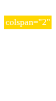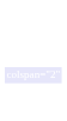 <table style="text-align:center; color:#ffffff; font-size:0.8em;" cellpadding="2;">
 <tr>
 <td></td>
 <td></td>
 <td></td>
 <td></td>
 <td></td>
 <td></td>
 <td></td>
 <td></td>
 <td></td>
 <td></td>
 <td></td>
 <td></td>
 <td></td>
 <td></td>
 <td></td>
 <td></td>
 <td></td>
 <td></td>
 <td></td>
 <td> <a href='#'></a></td>
 <td> <a href='#'></a></td>
 <td> <a href='#'></a></td>
 <td> <a href='#'></a></td>
 <td></td>
 </tr>
 <tr>
 <td> <a href='#'></a></td>
 <td> <a href='#'></a></td>
 <td></td>
 <td> <a href='#'></a></td>
 <td> <a href='#'></a></td>
 <td></td>
 <td> <a href='#'></a></td>
 <td> <a href='#'></a></td>
 <td></td>
 <td> <a href='#'></a></td>
 <td>colspan="2"  <a href='#'></a></td>
 <td></td>
 <td> <a href='#'></a></td>
 <td></td>
 <td> <a href='#'></a></td>
 <td> <a href='#'></a></td>
 <td> <a href='#'></a></td>
 <td> <a href='#'></a></td>
 <td> <a href='#'></a></td>
 <td> <a href='#'></a></td>
 <td></td>
 <td> <a href='#'></a></td>
 <td> <a href='#'></a></td>
 </tr>
 <tr>
 <td> <a href='#'></a></td>
 <td> <a href='#'></a></td>
 <td></td>
 <td> <a href='#'></a></td>
 <td> <a href='#'></a></td>
 <td></td>
 <td> <a href='#'></a></td>
 <td> <a href='#'></a></td>
 <td></td>
 <td> <a href='#'></a></td>
-<td style="background: gold;">colspan="2"  <a href='#'></a></td>
+<td>colspan="2"  <a href='#'></a></td>
 <td></td>
 <td> <a href='#'></a></td>
 <td></td>
 <td> <a href='#'></a></td>
 <td> <a href='#'></a></td>
 <td> <a href='#'></a></td>
 <td> <a href='#'></a></td>
 <td> <a href='#'></a></td>
 <td></td>
 <td> <a href='#'></a></td>
 <td> <a href='#'></a></td>
 <td></td>
 </tr>
 <tr>
 <td> <a href='#'></a></td>
 <td> <a href='#'></a></td>
 <td></td>
 <td> <a href='#'></a></td>
 <td> <a href='#'></a></td>
 <td></td>
 <td> <a href='#'></a></td>
 <td> <a href='#'></a></td>
 <td></td>
 <td> <a href='#'></a></td>
 <td></td>
 <td colspan="2" style="background:"><a href='#'></a></td>
 <td> <a href='#'></a></td>
 <td></td>
 <td> <a href='#'></a></td>
 <td> <a href='#'></a></td>
 <td> <a href='#'></a></td>
 <td> <a href='#'></a></td>
 <td></td>
 <td> <a href='#'></a></td>
 <td> <a href='#'></a></td>
 <td> <a href='#'></a></td>
 <td> <a href='#'></a></td>
 </tr>
 <tr>
 <td></td>
 <td></td>
 <td></td>
 <td></td>
 <td></td>
 <td></td>
 <td></td>
 <td></td>
 <td></td>
 <td></td>
 <td></td>
 <td></td>
 <td></td>
 <td></td>
 <td></td>
 <td></td>
 <td></td>
 <td></td>
 <td></td>
 <td> <a href='#'></a></td>
 <td> <a href='#'></a></td>
 <td> <a href='#'></a></td>
 <td></td>
 <td></td>
 </tr>
 <tr>
 <td style="background:"><a href='#'></a></td>
 <td></td>
 <td></td>
 <td></td>
 <td></td>
 <td></td>
 <td></td>
 <td></td>
 <td></td>
 <td></td>
 <td></td>
 <td></td>
 <td></td>
 <td></td>
 <td></td>
 <td></td>
 <td></td>
 <td></td>
 <td></td>
 <td></td>
 <td></td>
 <td> <a href='#'></a></td>
 <td></td>
 <td></td>
 </tr>
 <tr>
 <td></td>
 <td></td>
 <td></td>
 <td></td>
 <td></td>
 <td></td>
 <td></td>
 <td></td>
 <td></td>
 <td></td>
 <td></td>
 <td></td>
 <td></td>
 <td></td>
 <td></td>
 <td></td>
 <td></td>
 <td></td>
 <td></td>
 <td></td>
 <td></td>
 <td></td>
 <td></td>
 </tr>
 <tr>
 <td></td>
 <td></td>
 <td></td>
 <td></td>
 <td></td>
 <td></td>
 <td></td>
 <td></td>
 <td></td>
 <td></td>
 <td></td>
 <td></td>
 <td></td>
 <td></td>
 <td></td>
 <td></td>
 <td></td>
 <td></td>
 <td></td>
 <td></td>
 <td> <a href='#'></a></td>
 <td></td>
 <td></td>
 </tr>
 <tr>
 <td></td>
 <td></td>
 <td></td>
 <td></td>
 <td></td>
 <td></td>
 <td></td>
 <td></td>
 <td></td>
 <td></td>
 <td></td>
 <td></td>
 <td></td>
 <td></td>
 <td></td>
 <td></td>
 <td></td>
 <td></td>
 <td></td>
 <td> <a href='#'></a></td>
 <td> <a href='#'></a></td>
 <td> <a href='#'></a></td>
 <td></td>
 <td></td>
 </tr>
 <tr>
 <td> <a href='#'></a></td>
 <td> <a href='#'></a></td>
 <td></td>
 <td> <a href='#'></a></td>
 <td> <a href='#'></a></td>
 <td></td>
 <td> <a href='#'></a></td>
 <td> <a href='#'></a></td>
 <td></td>
 <td> <a href='#'></a></td>
-<td>colspan="2"  <a href='#'></a></td>
+<td style="background: lavender;">colspan="2"  <a href='#'></a></td>
 <td></td>
 <td> <a href='#'></a></td>
 <td></td>
 <td> <a href='#'></a></td>
 <td> <a href='#'></a></td>
 <td> <a href='#'></a></td>
 <td> <a href='#'></a></td>
 <td></td>
 <td> <a href='#'></a></td>
 <td> <a href='#'></a></td>
 <td> <a href='#'></a></td>
 <td> <a href='#'></a></td>
 </tr>
 <tr>
 <td> <a href='#'></a></td>
 <td> <a href='#'></a></td>
 <td></td>
 <td> <a href='#'></a></td>
 <td> <a href='#'></a></td>
 <td></td>
 <td> <a href='#'></a></td>
 <td> <a href='#'></a></td>
 <td></td>
 <td> <a href='#'></a></td>
 <td>colspan="2"  <a href='#'></a></td>
 <td></td>
 <td> <a href='#'></a></td>
 <td></td>
 <td> <a href='#'></a></td>
 <td> <a href='#'></a></td>
 <td> <a href='#'></a></td>
 <td> <a href='#'></a></td>
 <td> <a href='#'></a></td>
 <td></td>
 <td> <a href='#'></a></td>
 <td> <a href='#'></a></td>
 <td> <a href='#'></a></td>
 </tr>
 <tr>
 <td> <a href='#'></a></td>
 <td> <a href='#'></a></td>
 <td></td>
 <td> <a href='#'></a></td>
 <td> <a href='#'></a></td>
 <td></td>
 <td> <a href='#'></a></td>
 <td> <a href='#'></a></td>
 <td></td>
 <td> <a href='#'></a></td>
 <td>colspan="2"  <a href='#'></a></td>
 <td></td>
 <td> <a href='#'></a></td>
 <td></td>
 <td> <a href='#'></a></td>
 <td> <a href='#'></a></td>
 <td> <a href='#'></a></td>
 <td> <a href='#'></a></td>
 <td> <a href='#'></a></td>
 <td> <a href='#'></a></td>
 <td> <a href='#'></a></td>
 <td> <a href='#'></a></td>
 <td> <a href='#'></a></td>
 </tr>
 <tr>
 <td></td>
 <td></td>
 <td></td>
 <td></td>
 <td></td>
 <td></td>
 <td></td>
 <td></td>
 <td></td>
 <td></td>
 <td></td>
 <td></td>
 <td></td>
 <td></td>
 <td></td>
 <td></td>
 <td></td>
 <td></td>
 <td></td>
 <td> <a href='#'></a></td>
 <td> <a href='#'></a></td>
 <td> <a href='#'></a></td>
 <td> <a href='#'></a></td>
 <td> <a href='#'></a></td>
 </tr>
 </table>
